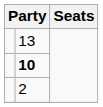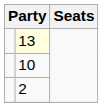 <table class="wikitable">
 <tr>
 <th colspan="2" rowspan="1" align="center" valign="top">Party</th>
 <th valign="top">Seats</th>
 </tr>
 <tr>
 <td></td>
-<td>13</td>
+<td style="background: lightyellow;">13</td>
 </tr>
 <tr>
 <td></td>
-<td><strong>10</strong></td>
+<td>10</td>
 </tr>
 <tr>
 <td></td>
 <td>2</td>
 </tr>
 <tr>
 </tr>
 </table>
